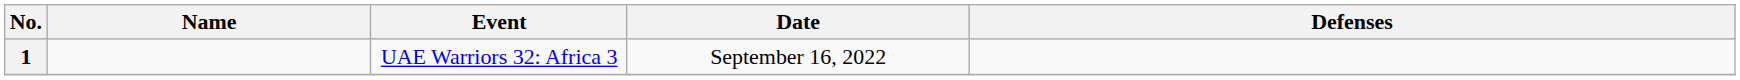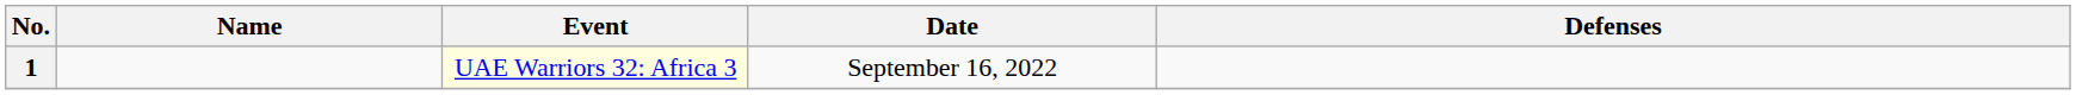 <table class="wikitable" width=100%>
 <tr>
 <th width=1%>No.</th>
 <th width=19%>Name</th>
 <th width=15%>Event</th>
 <th width=20%>Date</th>
 <th width=45%>Defenses</th>
 </tr>
 <tr>
 <th>1</th>
 <td align=left><br></td>
-<td align=center><a href='#'>UAE Warriors 32: Africa 3</a> <br></td>
+<td align=center style="background: lightyellow;"><a href='#'>UAE Warriors 32: Africa 3</a> <br></td>
 <td align=center>September 16, 2022</td>
 <td></td>
 </tr>
 <tr>
 </tr>
 </table>
